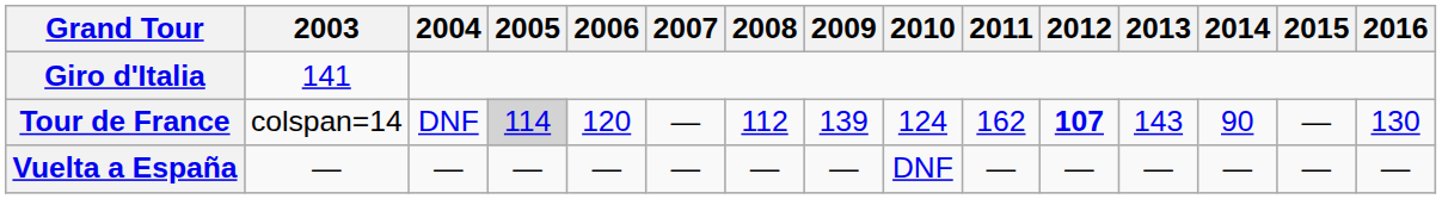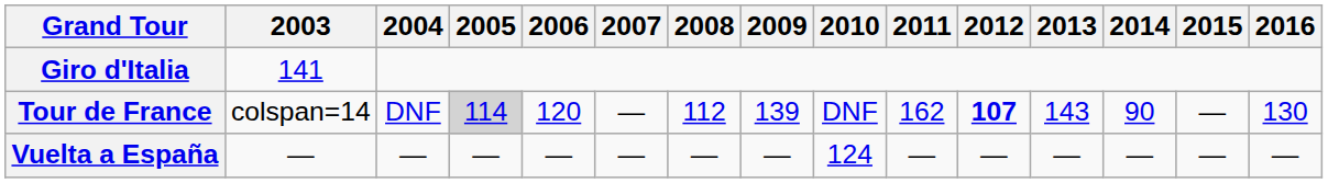 <table class="wikitable plainrowheaders">
 <tr>
 <th scope="col"><a href='#'>Grand Tour</a></th>
 <th scope="col">2003</th>
 <th scope="col">2004</th>
 <th scope="col">2005</th>
 <th scope="col">2006</th>
 <th scope="col">2007</th>
 <th scope="col">2008</th>
 <th scope="col">2009</th>
 <th scope="col">2010</th>
 <th scope="col">2011</th>
 <th scope="col">2012</th>
 <th scope="col">2013</th>
 <th scope="col">2014</th>
 <th scope="col">2015</th>
 <th scope="col">2016</th>
 </tr>
 <tr style="text-align:center;">
 <th scope="row"> <a href='#'>Giro d'Italia</a></th>
 <td><a href='#'>141</a></td>
 </tr>
 <tr style="text-align:center;">
 <th scope="row"> <a href='#'>Tour de France</a></th>
 <td>colspan=14 </td>
 <td><a href='#'>DNF</a></td>
 <td style="background: lightgrey;"><a href='#'>114</a></td>
 <td><a href='#'>120</a></td>
 <td>—</td>
 <td><a href='#'>112</a></td>
 <td><a href='#'>139</a></td>
-<td><a href='#'>124</a></td>
+<td><a href='#'>DNF</a></td>
 <td><a href='#'>162</a></td>
 <td><strong><a href='#'>107</a></strong></td>
 <td><a href='#'>143</a></td>
 <td><a href='#'>90</a></td>
 <td>—</td>
 <td><a href='#'>130</a></td>
 </tr>
 <tr style="text-align:center;">
 <th scope="row"> <a href='#'>Vuelta a España</a></th>
 <td>—</td>
 <td>—</td>
 <td>—</td>
 <td>—</td>
 <td>—</td>
 <td>—</td>
 <td>—</td>
-<td><a href='#'>DNF</a></td>
+<td><a href='#'>124</a></td>
 <td>—</td>
 <td>—</td>
 <td>—</td>
 <td>—</td>
 <td>—</td>
 <td>—</td>
 </tr>
 </table>
